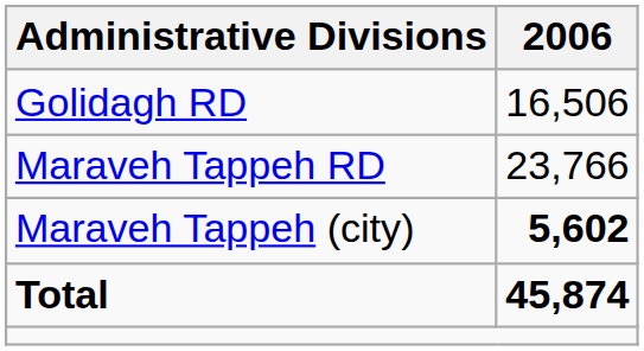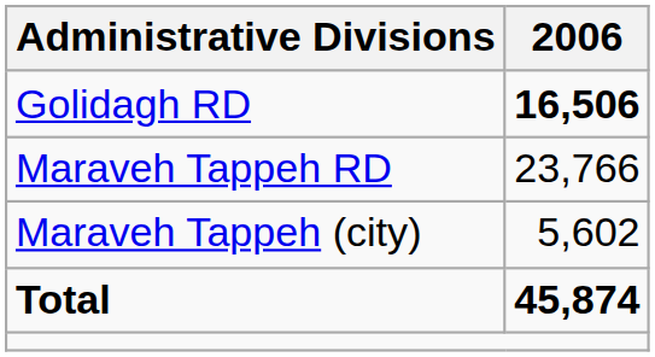 <table class="wikitable">
 <tr>
 <th>Administrative Divisions</th>
 <th>2006</th>
 </tr>
 <tr>
 <td><a href='#'>Golidagh RD</a></td>
-<td style="text-align: right;">16,506</td>
+<td style="text-align: right;"><strong>16,506</strong></td>
 </tr>
 <tr>
 <td><a href='#'>Maraveh Tappeh RD</a></td>
 <td style="text-align: right;">23,766</td>
 </tr>
 <tr>
 <td><a href='#'>Maraveh Tappeh</a> (city)</td>
-<td style="text-align: right;"><strong>5,602</strong></td>
+<td style="text-align: right;">5,602</td>
 </tr>
 <tr>
 <td><strong>Total</strong></td>
 <td style="text-align: right;"><strong>45,874</strong></td>
 </tr>
 <tr>
 <td colspan=4></td>
 </tr>
 </table>
